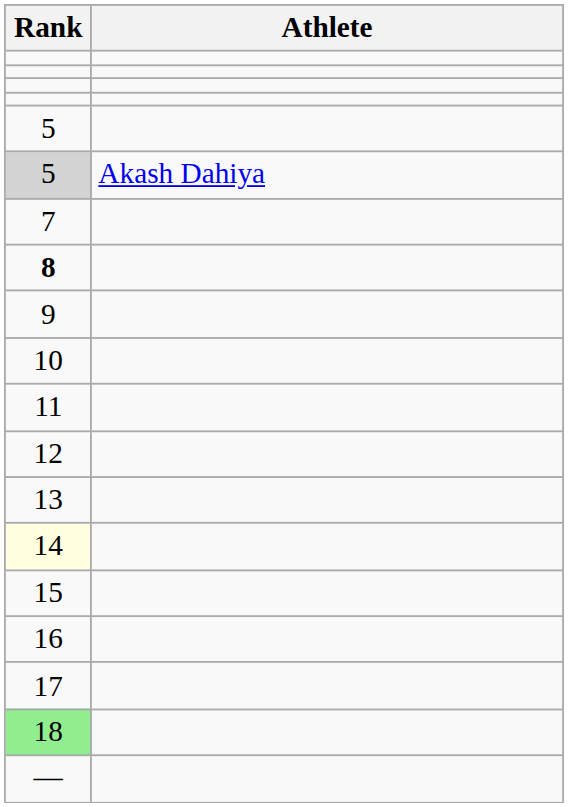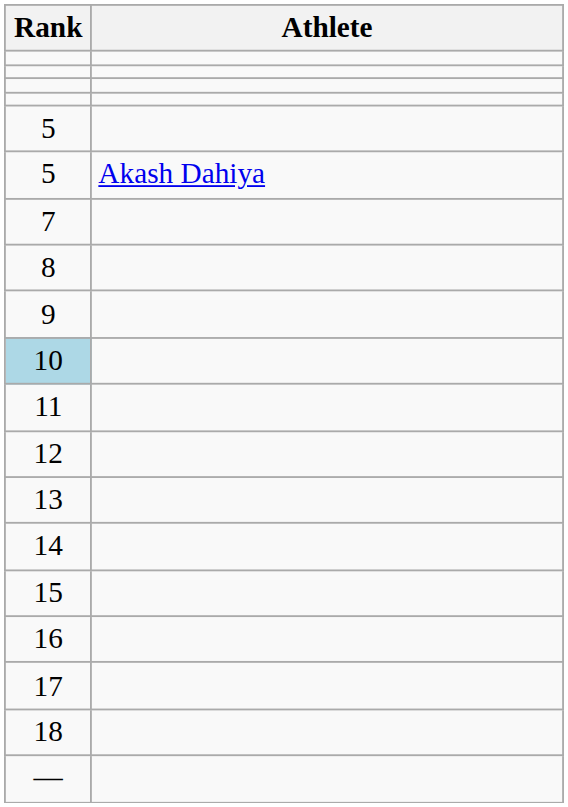 <table class="wikitable" style="text-align: center;">
 <tr>
 <th width=40>Rank</th>
 <th width=250>Athlete</th>
 </tr>
 <tr>
 <td></td>
 <td align="left"></td>
 </tr>
 <tr>
 <td></td>
 <td align="left"></td>
 </tr>
 <tr>
 <td></td>
 <td align="left"></td>
 </tr>
 <tr>
 <td></td>
 <td align="left"></td>
 </tr>
 <tr>
 <td>5</td>
 <td align="left"></td>
 </tr>
 <tr>
-<td style="background: lightgrey;">5</td>
+<td>5</td>
 <td align="left"> <a href='#'>Akash Dahiya</a> </td>
 </tr>
 <tr>
 <td>7</td>
 <td align="left"></td>
 </tr>
 <tr>
-<td><strong>8</strong></td>
+<td>8</td>
 <td align="left"></td>
 </tr>
 <tr>
 <td>9</td>
 <td align="left"></td>
 </tr>
 <tr>
-<td>10</td>
+<td style="background: lightblue;">10</td>
 <td align="left"></td>
 </tr>
 <tr>
 <td>11</td>
 <td align="left"></td>
 </tr>
 <tr>
 <td>12</td>
 <td align="left"></td>
 </tr>
 <tr>
 <td>13</td>
 <td align="left"></td>
 </tr>
 <tr>
-<td style="background: lightyellow;">14</td>
+<td>14</td>
 <td align="left"></td>
 </tr>
 <tr>
 <td>15</td>
 <td align="left"></td>
 </tr>
 <tr>
 <td>16</td>
 <td align="left"></td>
 </tr>
 <tr>
 <td>17</td>
 <td align="left"></td>
 </tr>
 <tr>
-<td style="background: lightgreen;">18</td>
+<td>18</td>
 <td align="left"></td>
 </tr>
 <tr>
 <td>—</td>
 <td align="left"></td>
 </tr>
 </table>
